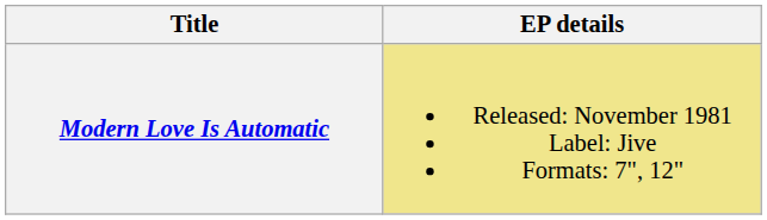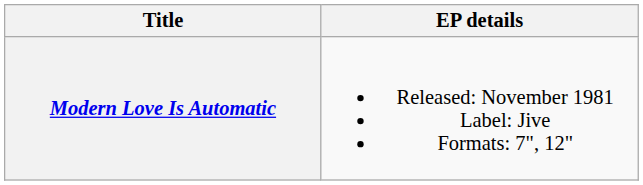 <table class="wikitable plainrowheaders" style="text-align:center;">
 <tr>
 <th scope="col" style="width:15em;">Title</th>
 <th scope="col" style="width:15em;">EP details</th>
 </tr>
 <tr>
 <th scope="row"><em><a href='#'>Modern Love Is Automatic</a></em></th>
-<td style="background: khaki;"><br><ul><li>Released: November 1981</li><li>Label: Jive</li><li>Formats: 7", 12"</li></ul></td>
+<td><br><ul><li>Released: November 1981</li><li>Label: Jive</li><li>Formats: 7", 12"</li></ul></td>
 </tr>
 </table>
